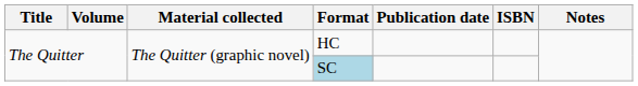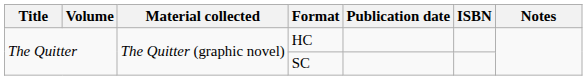 <table class="wikitable">
 <tr>
 <th width="10%">Title</th>
 <th>Volume</th>
 <th>Material collected</th>
 <th>Format</th>
 <th>Publication date</th>
 <th>ISBN</th>
 <th width="15%">Notes</th>
 </tr>
 <tr>
 <td colspan="2" rowspan="2"><em>The Quitter</em></td>
 <td rowspan="2"><em>The Quitter</em> (graphic novel)</td>
 <td>HC</td>
 <td></td>
 <td></td>
 <td rowspan="2"></td>
 </tr>
 <tr>
-<td style="background: lightblue;">SC</td>
+<td>SC</td>
 <td></td>
 <td></td>
 </tr>
 </table>
